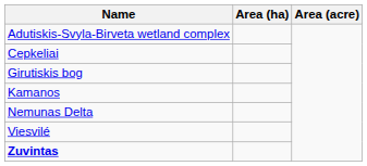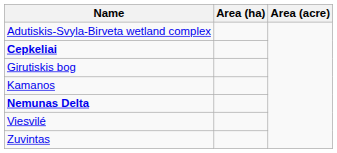 <table class="wikitable">
 <tr>
 <th scope="col" align=left>Name</th>
 <th scope="col">Area (ha)</th>
 <th scope="col">Area (acre)</th>
 </tr>
 <tr ---->
 <td><a href='#'>Adutiskis-Svyla-Birveta wetland complex </a></td>
 <td></td>
 </tr>
 <tr ---->
-<td><a href='#'>Cepkeliai</a></td>
+<td><strong><a href='#'>Cepkeliai</a></strong></td>
 <td></td>
 </tr>
 <tr ---->
 <td><a href='#'>Girutiskis bog</a></td>
 <td></td>
 </tr>
 <tr ---->
 <td><a href='#'>Kamanos</a></td>
 <td></td>
 </tr>
 <tr ---->
-<td><a href='#'>Nemunas Delta</a></td>
+<td><strong><a href='#'>Nemunas Delta</a></strong></td>
 <td></td>
 </tr>
 <tr ---->
 <td><a href='#'>Viesvilé</a></td>
 <td></td>
 </tr>
 <tr ---->
-<td><strong><a href='#'>Zuvintas</a></strong></td>
+<td><a href='#'>Zuvintas</a></td>
 <td></td>
 </tr>
 </table>
